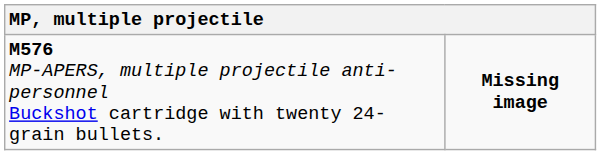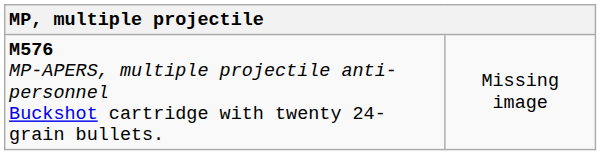 <table class="wikitable mw-collapsible mw-collapsed" style="width: 33%;">
 <tr>
 <th colspan="2" style="text-align: left;">MP, multiple projectile</th>
 </tr>
 <tr>
 <td><strong>M576</strong><br><em>MP-APERS, multiple projectile anti-personnel</em><br><a href='#'>Buckshot</a> cartridge with twenty 24-grain bullets. </td>
-<td style="width: 100px; text-align: center; vertical-align: center;"><strong>Missing image</strong></td>
+<td style="width: 100px; text-align: center; vertical-align: center;">Missing image</td>
 </tr>
 </table>
